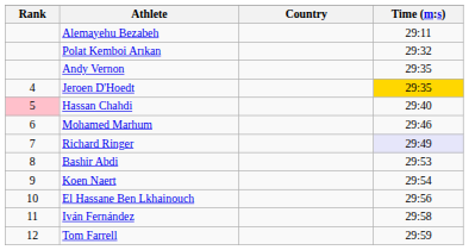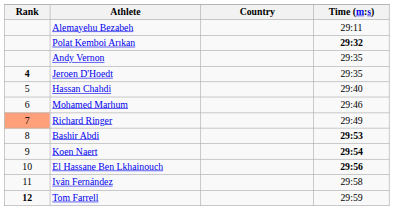 <table class="wikitable" style="text-align:center;" width="50%">
 <tr>
 </tr>
 <tr>
 <th width=5%>Rank</th>
 <th width=20%>Athlete</th>
 <th width=15%>Country</th>
 <th width=10%>Time (<a href='#'>m</a>:<a href='#'>s</a>)</th>
 </tr>
 <tr>
 <td></td>
 <td align="left"><a href='#'>Alemayehu Bezabeh</a></td>
 <td align="left"></td>
 <td>29:11</td>
 </tr>
 <tr>
 <td></td>
 <td align="left"><a href='#'>Polat Kemboi Arıkan</a></td>
 <td align="left"></td>
-<td>29:32</td>
+<td><strong>29:32</strong></td>
 </tr>
 <tr>
 <td></td>
 <td align="left"><a href='#'>Andy Vernon</a></td>
 <td align="left"></td>
 <td>29:35</td>
 </tr>
 <tr>
-<td>4</td>
+<td><strong>4</strong></td>
 <td align="left"><a href='#'>Jeroen D'Hoedt</a></td>
 <td align="left"></td>
-<td style="background: gold;">29:35</td>
+<td>29:35</td>
 </tr>
 <tr>
-<td style="background: pink;">5</td>
+<td>5</td>
 <td align="left"><a href='#'>Hassan Chahdi</a></td>
 <td align="left"></td>
 <td>29:40</td>
 </tr>
 <tr>
 <td>6</td>
 <td align="left"><a href='#'>Mohamed Marhum</a></td>
 <td align="left"></td>
 <td>29:46</td>
 </tr>
 <tr>
-<td>7</td>
+<td style="background: lightsalmon;">7</td>
 <td align="left"><a href='#'>Richard Ringer</a></td>
 <td align="left"></td>
-<td style="background: lavender;">29:49</td>
+<td>29:49</td>
 </tr>
 <tr>
 <td>8</td>
 <td align="left"><a href='#'>Bashir Abdi</a></td>
 <td align="left"></td>
-<td>29:53</td>
+<td><strong>29:53</strong></td>
 </tr>
 <tr>
 <td>9</td>
 <td align="left"><a href='#'>Koen Naert</a></td>
 <td align="left"></td>
-<td>29:54</td>
+<td><strong>29:54</strong></td>
 </tr>
 <tr>
 <td>10</td>
 <td align="left"><a href='#'>El Hassane Ben Lkhainouch</a></td>
 <td align="left"></td>
-<td>29:56</td>
+<td><strong>29:56</strong></td>
 </tr>
 <tr>
 <td>11</td>
 <td align="left"><a href='#'>Iván Fernández</a></td>
 <td align="left"></td>
 <td>29:58</td>
 </tr>
 <tr>
-<td>12</td>
+<td><strong>12</strong></td>
 <td align="left"><a href='#'>Tom Farrell</a></td>
 <td align="left"></td>
 <td>29:59</td>
 </tr>
 </table>
